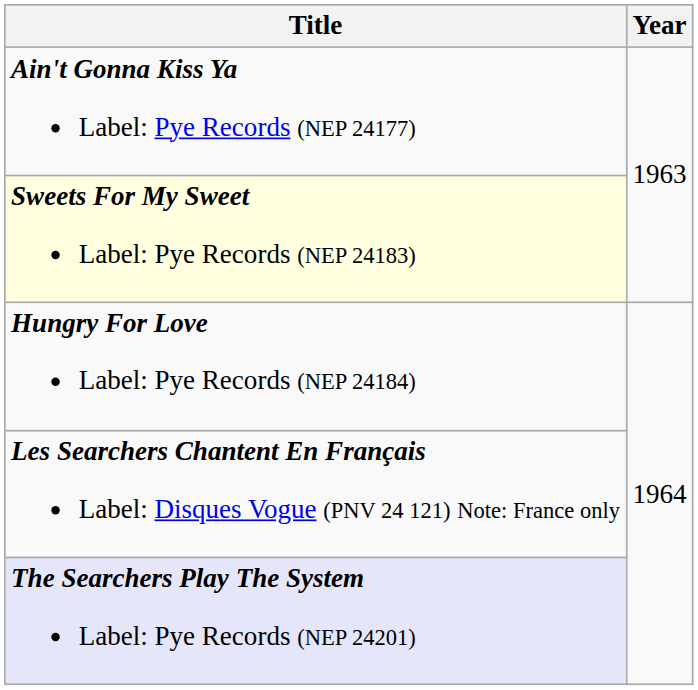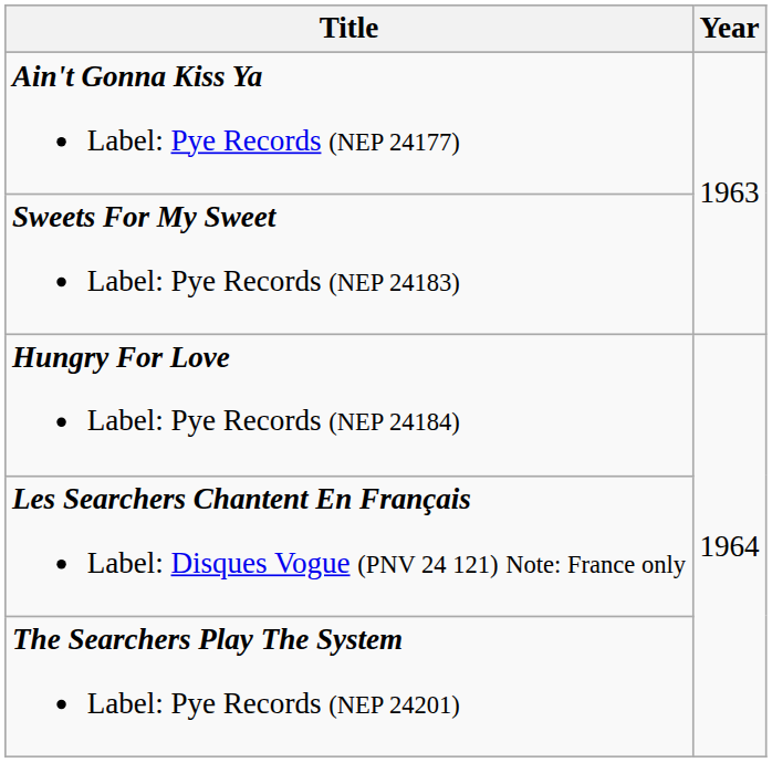 <table class="wikitable">
 <tr>
 <th>Title</th>
 <th>Year</th>
 </tr>
 <tr>
 <td><strong><em>Ain't Gonna Kiss Ya</em></strong><br><ul><li>Label: <a href='#'>Pye Records</a> <small>(NEP 24177)</small></li></ul></td>
 <td rowspan="2">1963</td>
 </tr>
 <tr>
-<td style="background: lightyellow;"><strong><em>Sweets For My Sweet</em></strong><br><ul><li>Label: Pye Records <small>(NEP 24183)</small></li></ul></td>
+<td><strong><em>Sweets For My Sweet</em></strong><br><ul><li>Label: Pye Records <small>(NEP 24183)</small></li></ul></td>
 </tr>
 <tr>
 <td><strong><em>Hungry For Love</em></strong><br><ul><li>Label: Pye Records <small>(NEP 24184)</small></li></ul></td>
 <td rowspan="3">1964</td>
 </tr>
 <tr>
 <td><strong><em>Les Searchers Chantent En Français</em></strong><br><ul><li>Label: <a href='#'>Disques Vogue</a> <small>(PNV 24 121)</small> <small>Note: France only</small></li></ul></td>
 </tr>
 <tr>
-<td style="background: lavender;"><strong><em>The Searchers Play The System</em></strong><br><ul><li>Label: Pye Records <small>(NEP 24201)</small></li></ul></td>
+<td><strong><em>The Searchers Play The System</em></strong><br><ul><li>Label: Pye Records <small>(NEP 24201)</small></li></ul></td>
 </tr>
 </table>
